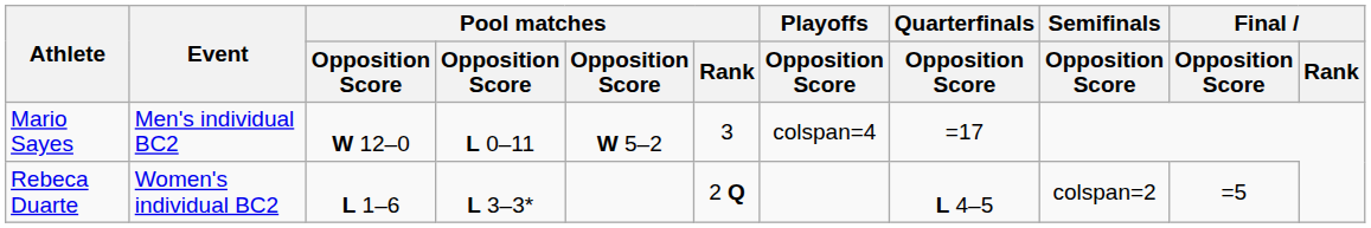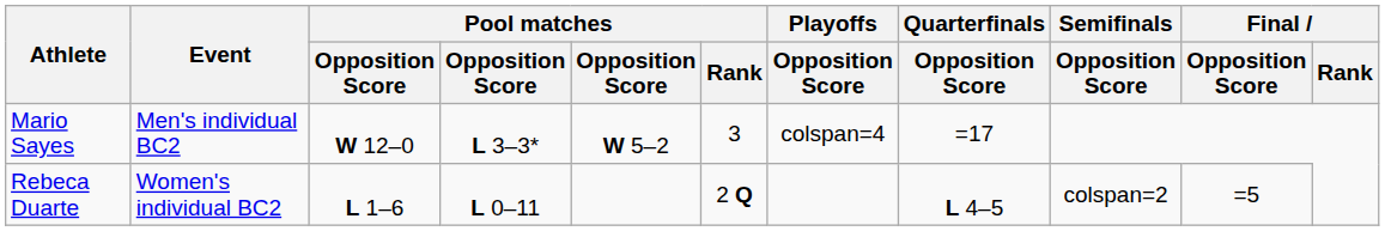 <table class=wikitable style="font-size:90%">
 <tr>
 <th rowspan="2">Athlete</th>
 <th rowspan="2">Event</th>
 <th colspan="4">Pool matches</th>
 <th>Playoffs</th>
 <th>Quarterfinals</th>
 <th>Semifinals</th>
 <th colspan=2>Final / </th>
 </tr>
 <tr>
 <th>Opposition<br>Score</th>
 <th>Opposition<br>Score</th>
 <th>Opposition<br>Score</th>
 <th>Rank</th>
 <th>Opposition<br>Score</th>
 <th>Opposition<br>Score</th>
 <th>Opposition<br>Score</th>
 <th>Opposition<br>Score</th>
 <th>Rank</th>
 </tr>
 <tr align=center>
 <td align=left><a href='#'>Mario Sayes</a></td>
 <td align=left><a href='#'>Men's individual BC2</a></td>
 <td><br><strong>W</strong> 12–0</td>
-<td><br><strong>L</strong> 0–11</td>
+<td><br><strong>L</strong> 3–3*</td>
 <td><br><strong>W</strong> 5–2</td>
 <td>3</td>
 <td>colspan=4 </td>
 <td>=17</td>
 </tr>
 <tr align=center>
 <td align=left><a href='#'>Rebeca Duarte</a></td>
 <td align=left><a href='#'>Women's individual BC2</a></td>
 <td><br><strong>L</strong> 1–6</td>
-<td><br><strong>L</strong> 3–3*</td>
+<td><br><strong>L</strong> 0–11</td>
 <td></td>
 <td>2 <strong>Q</strong></td>
 <td></td>
 <td><br><strong>L</strong> 4–5</td>
 <td>colspan=2 </td>
 <td>=5</td>
 </tr>
 </table>
